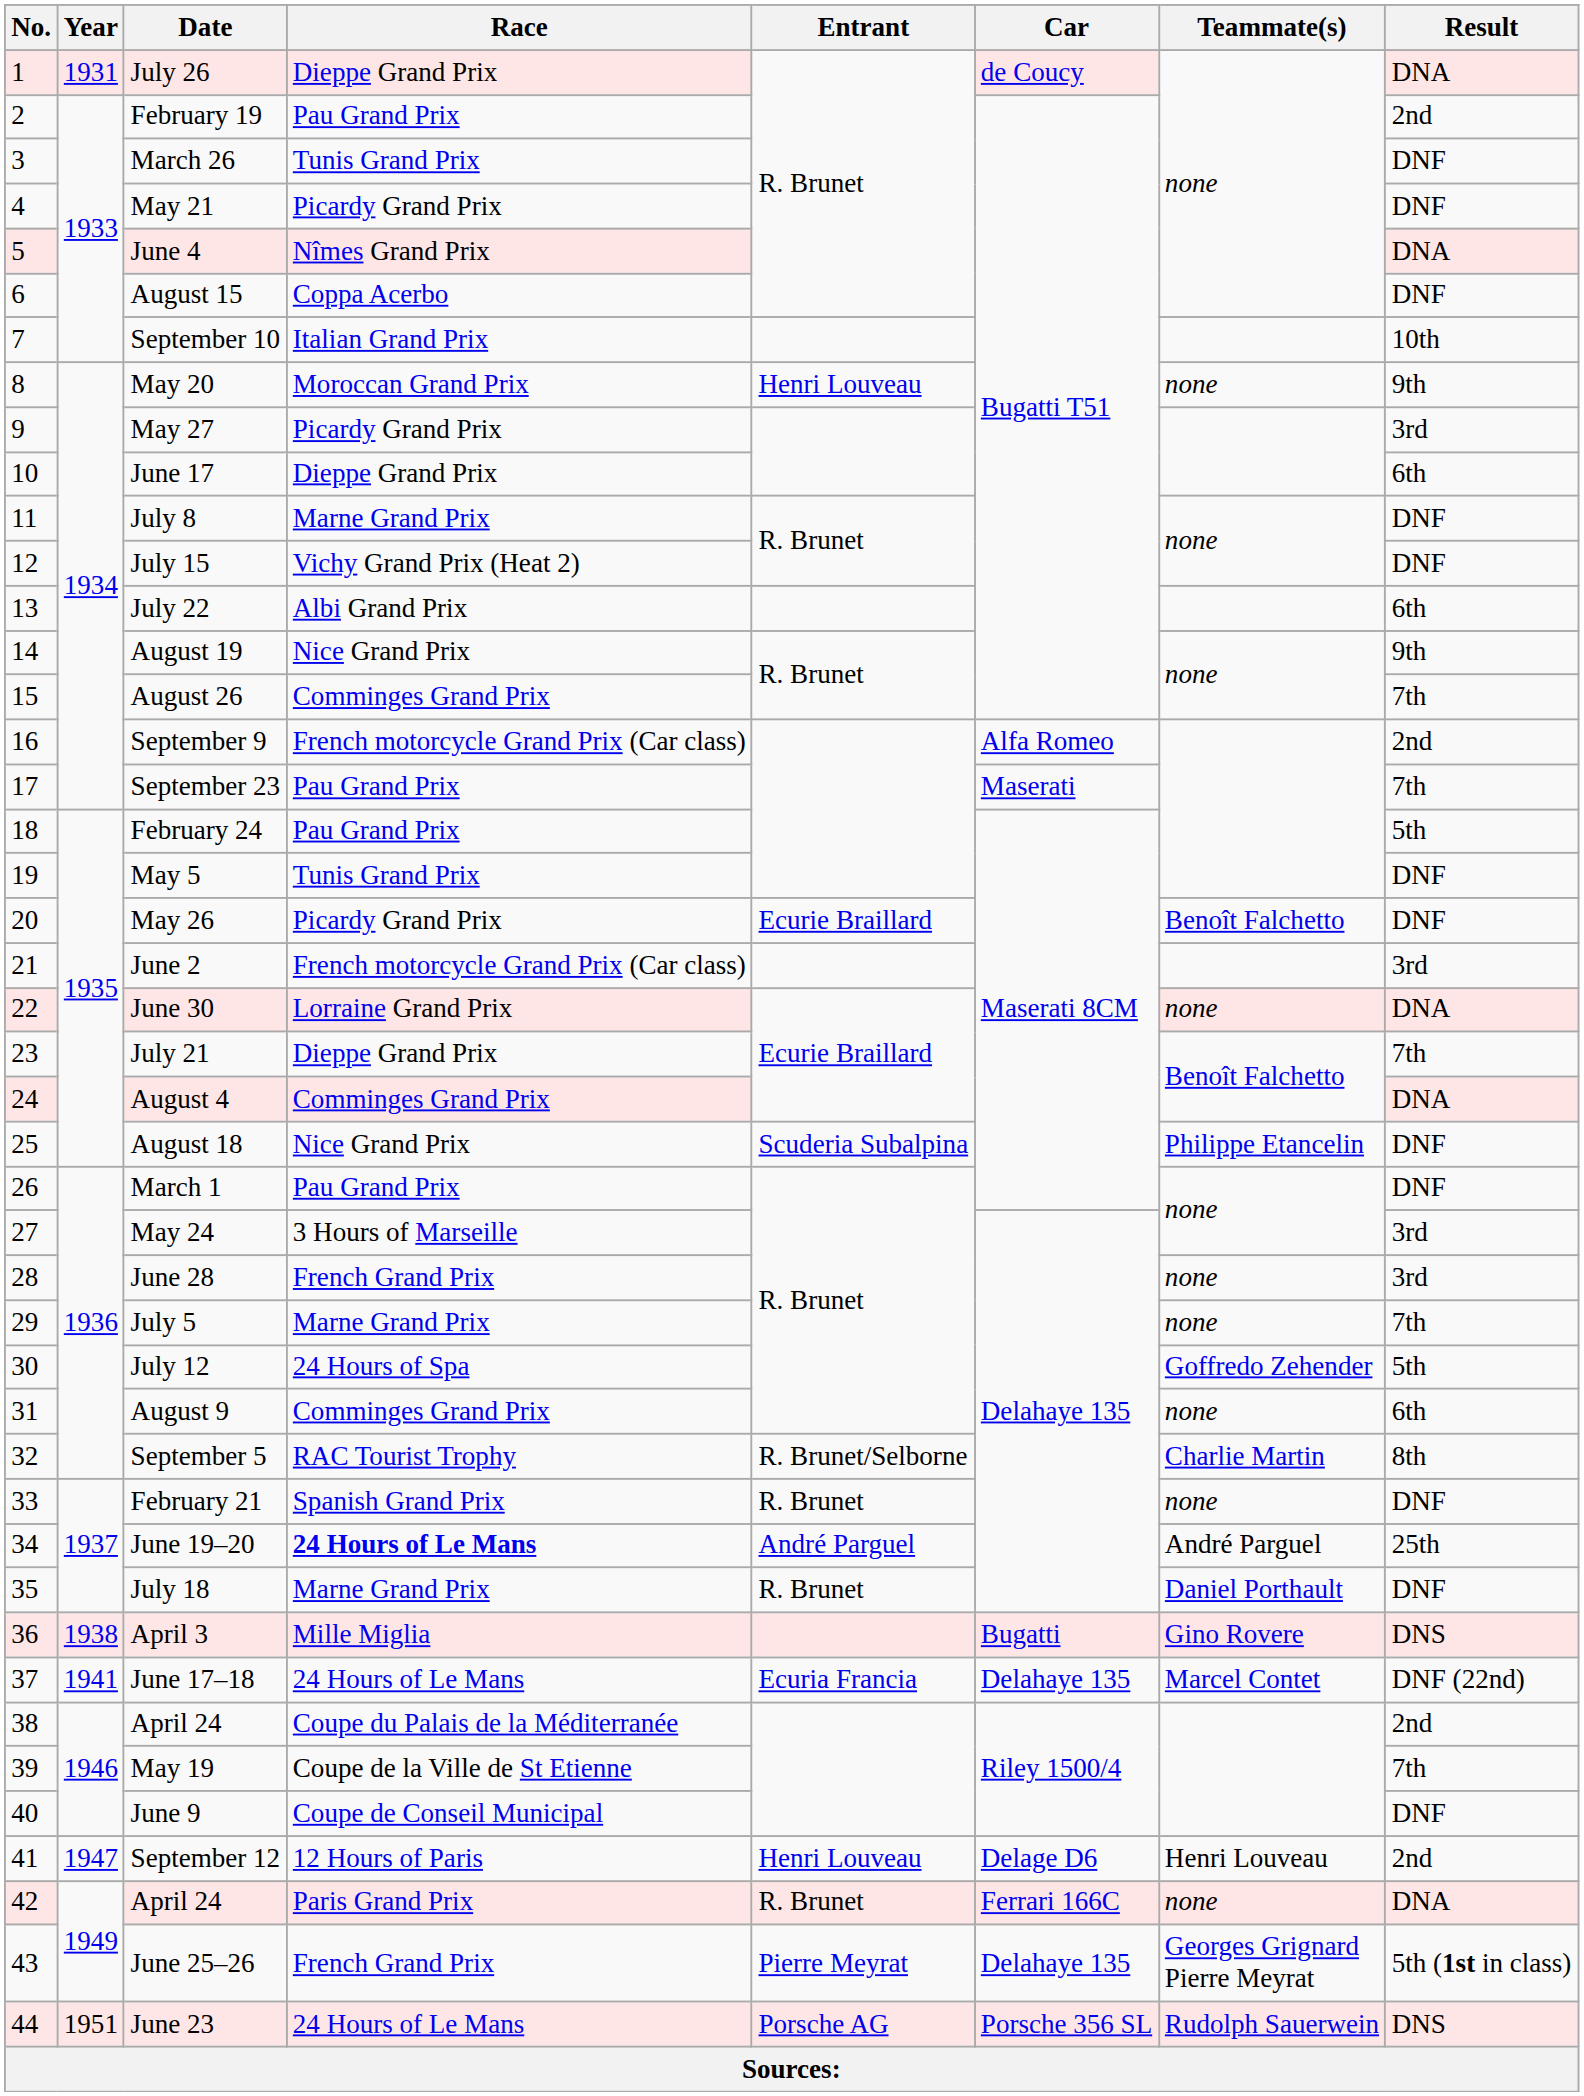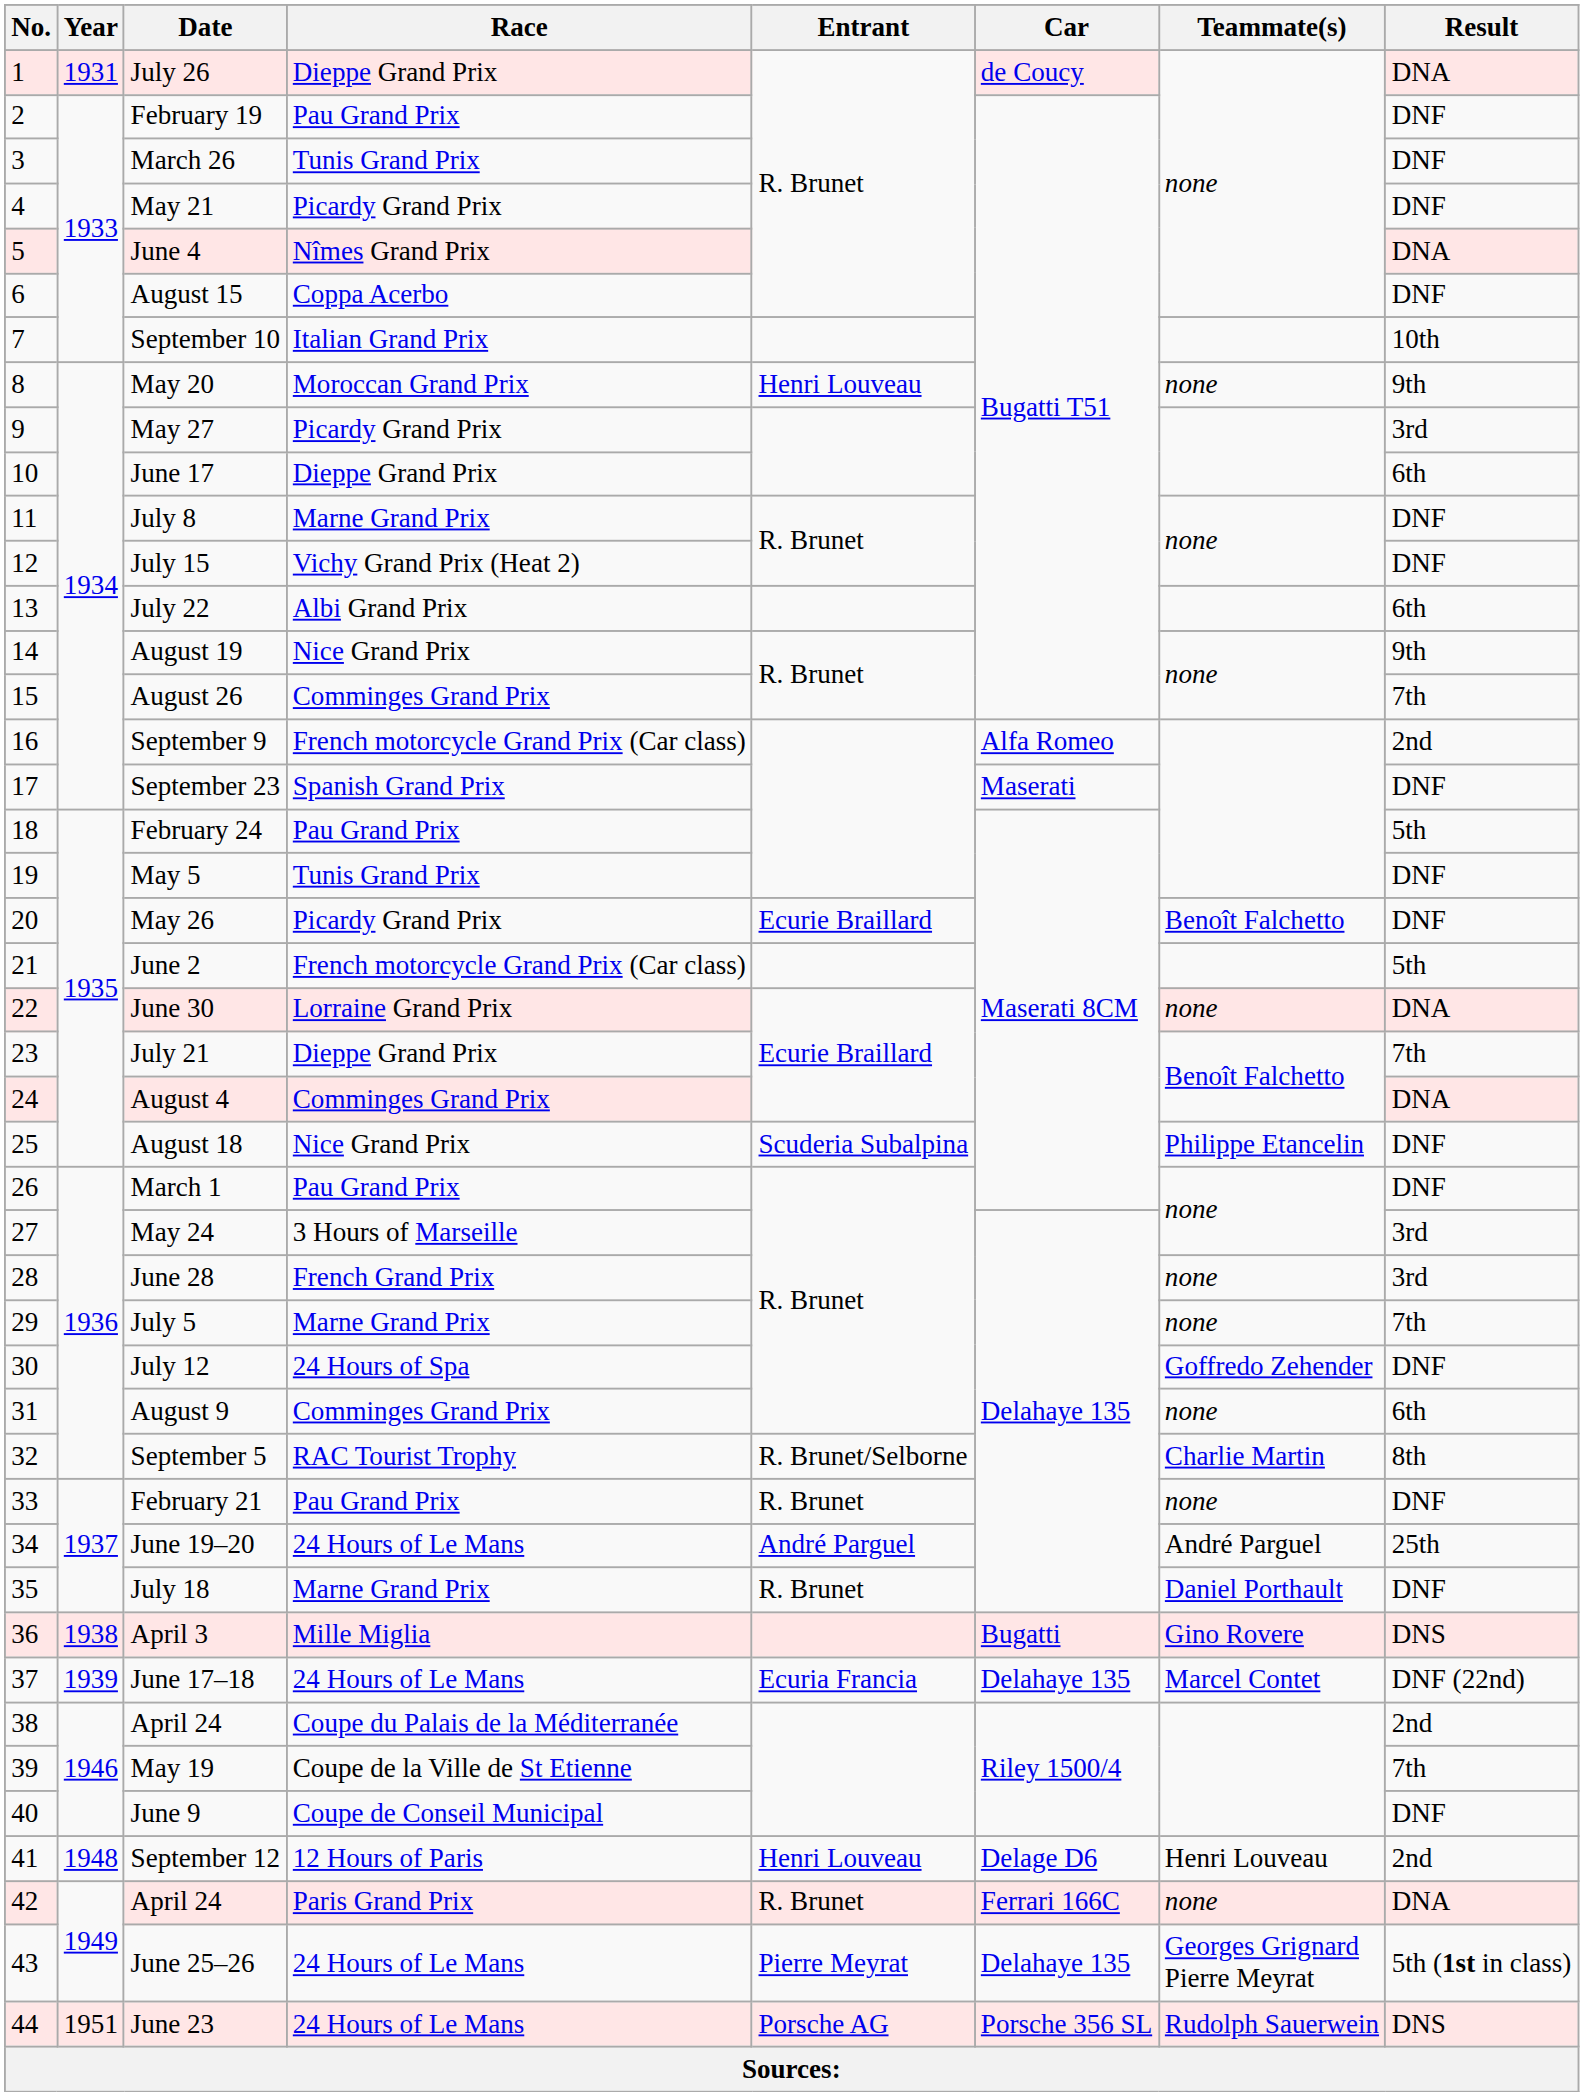 <table class="wikitable sortable" style="font-size:90%">
 <tr>
 <th>No.</th>
 <th>Year</th>
 <th>Date</th>
 <th>Race</th>
 <th>Entrant</th>
 <th>Car</th>
 <th>Teammate(s)</th>
 <th>Result</th>
 </tr>
 <tr>
 <td style="background:#ffe6e6;">1</td>
 <td style="background:#ffe6e6;"><a href='#'>1931</a></td>
 <td style="background:#ffe6e6;">July 26</td>
 <td style="background:#ffe6e6;"><a href='#'>Dieppe</a> Grand Prix</td>
 <td rowspan=6>R. Brunet</td>
 <td style="background:#ffe6e6;"><a href='#'>de Coucy</a></td>
 <td rowspan=6><em>none</em></td>
 <td style="background:#ffe6e6;">DNA</td>
 </tr>
 <tr>
 <td>2</td>
 <td rowspan=6><a href='#'>1933</a></td>
 <td>February 19</td>
 <td><a href='#'>Pau Grand Prix</a></td>
 <td rowspan=14><a href='#'>Bugatti T51</a></td>
-<td>2nd</td>
+<td>DNF</td>
 </tr>
 <tr>
 <td>3</td>
 <td>March 26</td>
 <td><a href='#'>Tunis Grand Prix</a></td>
 <td>DNF</td>
 </tr>
 <tr>
 <td>4</td>
 <td>May 21</td>
 <td><a href='#'>Picardy</a> Grand Prix</td>
 <td>DNF</td>
 </tr>
 <tr>
 <td style="background:#ffe6e6;">5</td>
 <td style="background:#ffe6e6;">June 4</td>
 <td style="background:#ffe6e6;"><a href='#'>Nîmes</a> Grand Prix</td>
 <td style="background:#ffe6e6;">DNA</td>
 </tr>
 <tr>
 <td>6</td>
 <td>August 15</td>
 <td><a href='#'>Coppa Acerbo</a></td>
 <td>DNF</td>
 </tr>
 <tr>
 <td>7</td>
 <td>September 10</td>
 <td><a href='#'>Italian Grand Prix</a></td>
 <td></td>
 <td></td>
 <td>10th</td>
 </tr>
 <tr>
 <td>8</td>
 <td rowspan=10><a href='#'>1934</a></td>
 <td>May 20</td>
 <td><a href='#'>Moroccan Grand Prix</a></td>
 <td><a href='#'>Henri Louveau</a></td>
 <td><em>none</em></td>
 <td>9th</td>
 </tr>
 <tr>
 <td>9</td>
 <td>May 27</td>
 <td><a href='#'>Picardy</a> Grand Prix</td>
 <td rowspan=2></td>
 <td rowspan=2></td>
 <td>3rd</td>
 </tr>
 <tr>
 <td>10</td>
 <td>June 17</td>
 <td><a href='#'>Dieppe</a> Grand Prix</td>
 <td>6th</td>
 </tr>
 <tr>
 <td>11</td>
 <td>July 8</td>
 <td><a href='#'>Marne Grand Prix</a></td>
 <td rowspan=2>R. Brunet</td>
 <td rowspan=2><em>none</em></td>
 <td>DNF</td>
 </tr>
 <tr>
 <td>12</td>
 <td>July 15</td>
 <td><a href='#'>Vichy</a> Grand Prix (Heat 2)</td>
 <td>DNF</td>
 </tr>
 <tr>
 <td>13</td>
 <td>July 22</td>
 <td><a href='#'>Albi</a> Grand Prix</td>
 <td></td>
 <td></td>
 <td>6th</td>
 </tr>
 <tr>
 <td>14</td>
 <td>August 19</td>
 <td><a href='#'>Nice</a> Grand Prix</td>
 <td rowspan=2>R. Brunet</td>
 <td rowspan=2><em>none</em></td>
 <td>9th</td>
 </tr>
 <tr>
 <td>15</td>
 <td>August 26</td>
 <td><a href='#'>Comminges Grand Prix</a></td>
 <td>7th</td>
 </tr>
 <tr>
 <td>16</td>
 <td>September 9</td>
 <td><a href='#'>French motorcycle Grand Prix</a> (Car class)</td>
 <td rowspan=4></td>
 <td><a href='#'>Alfa Romeo</a></td>
 <td rowspan=4></td>
 <td>2nd</td>
 </tr>
 <tr>
 <td>17</td>
 <td>September 23</td>
-<td><a href='#'>Pau Grand Prix</a></td>
+<td><a href='#'>Spanish Grand Prix</a></td>
 <td><a href='#'>Maserati</a></td>
-<td>7th</td>
+<td>DNF</td>
 </tr>
 <tr>
 <td>18</td>
 <td rowspan=8><a href='#'>1935</a></td>
 <td>February 24</td>
 <td><a href='#'>Pau Grand Prix</a></td>
 <td rowspan=9><a href='#'>Maserati 8CM</a></td>
 <td>5th</td>
 </tr>
 <tr>
 <td>19</td>
 <td>May 5</td>
 <td><a href='#'>Tunis Grand Prix</a></td>
 <td>DNF</td>
 </tr>
 <tr>
 <td>20</td>
 <td>May 26</td>
 <td><a href='#'>Picardy</a> Grand Prix</td>
 <td><a href='#'>Ecurie Braillard</a></td>
 <td><a href='#'>Benoît Falchetto</a></td>
 <td>DNF</td>
 </tr>
 <tr>
 <td>21</td>
 <td>June 2</td>
 <td><a href='#'>French motorcycle Grand Prix</a> (Car class)</td>
 <td></td>
 <td></td>
-<td>3rd</td>
+<td>5th</td>
 </tr>
 <tr>
 <td style="background:#ffe6e6;">22</td>
 <td style="background:#ffe6e6;">June 30</td>
 <td style="background:#ffe6e6;"><a href='#'>Lorraine</a> Grand Prix</td>
 <td rowspan=3><a href='#'>Ecurie Braillard</a></td>
 <td style="background:#ffe6e6;"><em>none</em></td>
 <td style="background:#ffe6e6;">DNA</td>
 </tr>
 <tr>
 <td>23</td>
 <td>July 21</td>
 <td><a href='#'>Dieppe</a> Grand Prix</td>
 <td rowspan=2><a href='#'>Benoît Falchetto</a></td>
 <td>7th</td>
 </tr>
 <tr>
 <td style="background:#ffe6e6;">24</td>
 <td style="background:#ffe6e6;">August 4</td>
 <td style="background:#ffe6e6;"><a href='#'>Comminges Grand Prix</a></td>
 <td style="background:#ffe6e6;">DNA</td>
 </tr>
 <tr>
 <td>25</td>
 <td>August 18</td>
 <td><a href='#'>Nice</a> Grand Prix</td>
 <td><a href='#'>Scuderia Subalpina</a></td>
 <td><a href='#'>Philippe Etancelin</a></td>
 <td>DNF</td>
 </tr>
 <tr>
 <td>26</td>
 <td rowspan=7><a href='#'>1936</a></td>
 <td>March 1</td>
 <td><a href='#'>Pau Grand Prix</a></td>
 <td rowspan=6>R. Brunet</td>
 <td rowspan=2><em>none</em></td>
 <td>DNF</td>
 </tr>
 <tr>
 <td>27</td>
 <td>May 24</td>
 <td>3 Hours of <a href='#'>Marseille</a></td>
 <td rowspan=9><a href='#'>Delahaye 135</a></td>
 <td>3rd</td>
 </tr>
 <tr>
 <td>28</td>
 <td>June 28</td>
 <td><a href='#'>French Grand Prix</a></td>
 <td><em>none</em></td>
 <td>3rd</td>
 </tr>
 <tr>
 <td>29</td>
 <td>July 5</td>
 <td><a href='#'>Marne Grand Prix</a></td>
 <td><em>none</em></td>
 <td>7th</td>
 </tr>
 <tr>
 <td>30</td>
 <td>July 12</td>
 <td><a href='#'>24 Hours of Spa</a></td>
 <td><a href='#'>Goffredo Zehender</a></td>
-<td>5th</td>
+<td>DNF</td>
 </tr>
 <tr>
 <td>31</td>
 <td>August 9</td>
 <td><a href='#'>Comminges Grand Prix</a></td>
 <td><em>none</em></td>
 <td>6th</td>
 </tr>
 <tr>
 <td>32</td>
 <td>September 5</td>
 <td><a href='#'>RAC Tourist Trophy</a></td>
 <td>R. Brunet/Selborne</td>
 <td><a href='#'>Charlie Martin</a></td>
 <td>8th</td>
 </tr>
 <tr>
 <td>33</td>
 <td rowspan=3><a href='#'>1937</a></td>
 <td>February 21</td>
-<td><a href='#'>Spanish Grand Prix</a></td>
+<td><a href='#'>Pau Grand Prix</a></td>
 <td>R. Brunet</td>
 <td><em>none</em></td>
 <td>DNF</td>
 </tr>
 <tr>
 <td>34</td>
 <td>June 19–20</td>
-<td><strong><a href='#'>24 Hours of Le Mans</a></strong></td>
+<td><a href='#'>24 Hours of Le Mans</a></td>
 <td><a href='#'>André Parguel</a></td>
 <td>André Parguel</td>
 <td>25th</td>
 </tr>
 <tr>
 <td>35</td>
 <td>July 18</td>
 <td><a href='#'>Marne Grand Prix</a></td>
 <td>R. Brunet</td>
 <td><a href='#'>Daniel Porthault</a></td>
 <td>DNF</td>
 </tr>
 <tr>
 <td style="background:#ffe6e6;">36</td>
 <td style="background:#ffe6e6;"><a href='#'>1938</a></td>
 <td style="background:#ffe6e6;">April 3</td>
 <td style="background:#ffe6e6;"><a href='#'>Mille Miglia</a></td>
 <td style="background:#ffe6e6;"></td>
 <td style="background:#ffe6e6;"><a href='#'>Bugatti</a></td>
 <td style="background:#ffe6e6;"><a href='#'>Gino Rovere</a></td>
 <td style="background:#ffe6e6;">DNS</td>
 </tr>
 <tr>
 <td>37</td>
-<td><a href='#'>1941</a></td>
+<td><a href='#'>1939</a></td>
 <td>June 17–18</td>
 <td><a href='#'>24 Hours of Le Mans</a></td>
 <td><a href='#'>Ecuria Francia</a></td>
 <td><a href='#'>Delahaye 135</a></td>
 <td><a href='#'>Marcel Contet</a></td>
 <td>DNF (22nd)</td>
 </tr>
 <tr>
 <td>38</td>
 <td rowspan=3><a href='#'>1946</a></td>
 <td>April 24</td>
 <td><a href='#'>Coupe du Palais de la Méditerranée</a></td>
 <td rowspan=3></td>
 <td rowspan=3><a href='#'>Riley 1500/4</a></td>
 <td rowspan=3></td>
 <td>2nd</td>
 </tr>
 <tr>
 <td>39</td>
 <td>May 19</td>
 <td>Coupe de la Ville de <a href='#'>St Etienne</a></td>
 <td>7th</td>
 </tr>
 <tr>
 <td>40</td>
 <td>June 9</td>
 <td><a href='#'>Coupe de Conseil Municipal</a></td>
 <td>DNF</td>
 </tr>
 <tr>
 <td>41</td>
-<td><a href='#'>1947</a></td>
+<td><a href='#'>1948</a></td>
 <td>September 12</td>
 <td><a href='#'>12 Hours of Paris</a></td>
 <td><a href='#'>Henri Louveau</a></td>
 <td><a href='#'>Delage D6</a></td>
 <td>Henri Louveau</td>
 <td>2nd</td>
 </tr>
 <tr>
 <td style="background:#ffe6e6;">42</td>
 <td rowspan=2><a href='#'>1949</a></td>
 <td style="background:#ffe6e6;">April 24</td>
 <td style="background:#ffe6e6;"><a href='#'>Paris Grand Prix</a></td>
 <td style="background:#ffe6e6;">R. Brunet</td>
 <td style="background:#ffe6e6;"><a href='#'>Ferrari 166C</a></td>
 <td style="background:#ffe6e6;"><em>none</em></td>
 <td style="background:#ffe6e6;">DNA</td>
 </tr>
 <tr>
 <td>43</td>
 <td>June 25–26</td>
-<td><a href='#'>French Grand Prix</a></td>
+<td><a href='#'>24 Hours of Le Mans</a></td>
 <td><a href='#'>Pierre Meyrat</a></td>
 <td><a href='#'>Delahaye 135</a></td>
 <td><a href='#'>Georges Grignard</a><br>Pierre Meyrat</td>
 <td>5th (<strong>1st</strong> in class)</td>
 </tr>
 <tr>
 <td style="background:#ffe6e6;">44</td>
 <td style="background:#ffe6e6;">1951</td>
 <td style="background:#ffe6e6;">June 23</td>
 <td style="background:#ffe6e6;"><a href='#'>24 Hours of Le Mans</a></td>
 <td style="background:#ffe6e6;"><a href='#'>Porsche AG</a></td>
 <td style="background:#ffe6e6;"><a href='#'>Porsche 356 SL</a></td>
 <td style="background:#ffe6e6;"><a href='#'>Rudolph Sauerwein</a></td>
 <td style="background:#ffe6e6;">DNS</td>
 </tr>
 <tr>
 <th colspan=8>Sources:<br>          </th>
 </tr>
 </table>
